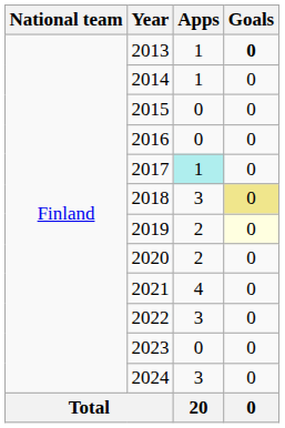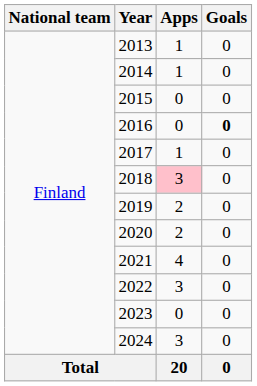 <table class="wikitable" style="text-align:center">
 <tr>
 <th>National team</th>
 <th>Year</th>
 <th>Apps</th>
 <th>Goals</th>
 </tr>
 <tr>
 <td rowspan="12"><a href='#'>Finland</a></td>
 <td>2013</td>
 <td>1</td>
-<td><strong>0</strong></td>
+<td>0</td>
 </tr>
 <tr>
 <td>2014</td>
 <td>1</td>
 <td>0</td>
 </tr>
 <tr>
 <td>2015</td>
 <td>0</td>
 <td>0</td>
 </tr>
 <tr>
 <td>2016</td>
 <td>0</td>
-<td>0</td>
+<td><strong>0</strong></td>
 </tr>
 <tr>
 <td>2017</td>
-<td style="background: paleturquoise;">1</td>
+<td>1</td>
 <td>0</td>
 </tr>
 <tr>
 <td>2018</td>
-<td>3</td>
-<td style="background: khaki;">0</td>
+<td style="background: pink;">3</td>
+<td>0</td>
 </tr>
 <tr>
 <td>2019</td>
 <td>2</td>
-<td style="background: lightyellow;">0</td>
+<td>0</td>
 </tr>
 <tr>
 <td>2020</td>
 <td>2</td>
 <td>0</td>
 </tr>
 <tr>
 <td>2021</td>
 <td>4</td>
 <td>0</td>
 </tr>
 <tr>
 <td>2022</td>
 <td>3</td>
 <td>0</td>
 </tr>
 <tr>
 <td>2023</td>
 <td>0</td>
 <td>0</td>
 </tr>
 <tr>
 <td>2024</td>
 <td>3</td>
 <td>0</td>
 </tr>
 <tr>
 <th colspan="2">Total</th>
 <th>20</th>
 <th>0</th>
 </tr>
 </table>
